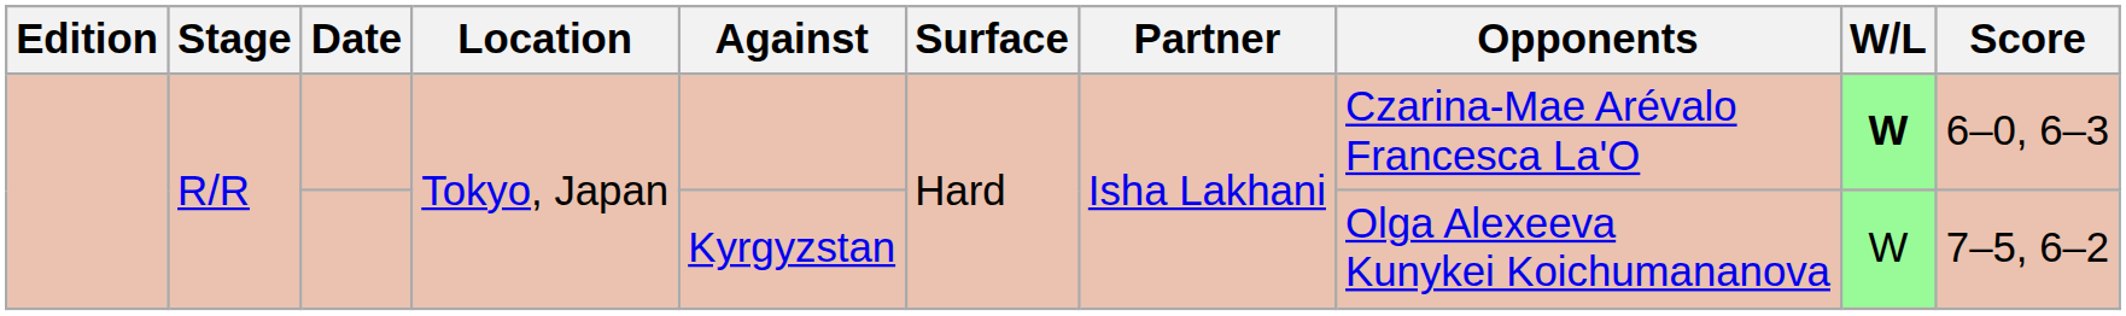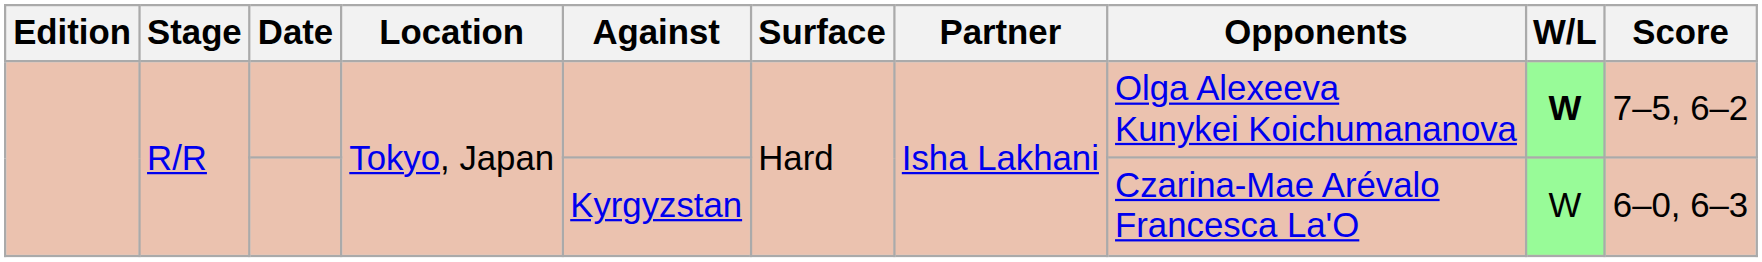 <table class=wikitable style=font-size:97%>
 <tr>
 <th>Edition</th>
 <th>Stage</th>
 <th>Date</th>
 <th>Location</th>
 <th>Against</th>
 <th>Surface</th>
 <th>Partner</th>
 <th>Opponents</th>
 <th>W/L</th>
 <th>Score</th>
 </tr>
 <tr bgcolor="#EBC2AF">
 <td rowspan="2"></td>
 <td rowspan="2"><a href='#'>R/R</a></td>
 <td></td>
 <td rowspan="2"><a href='#'>Tokyo</a>, Japan</td>
 <td> </td>
 <td rowspan="2">Hard</td>
 <td rowspan="2"> <a href='#'>Isha Lakhani</a></td>
-<td> <a href='#'>Czarina-Mae Arévalo</a> <br>  <a href='#'>Francesca La'O</a></td>
+<td> <a href='#'>Olga Alexeeva</a> <br>  <a href='#'>Kunykei Koichumananova</a></td>
 <td style="text-align:center; background:#98fb98;"><strong>W</strong></td>
-<td>6–0, 6–3</td>
+<td>7–5, 6–2</td>
 </tr>
 <tr bgcolor="#EBC2AF">
 <td></td>
 <td> <a href='#'>Kyrgyzstan</a></td>
-<td> <a href='#'>Olga Alexeeva</a> <br>  <a href='#'>Kunykei Koichumananova</a></td>
+<td> <a href='#'>Czarina-Mae Arévalo</a> <br>  <a href='#'>Francesca La'O</a></td>
 <td style="text-align:center; background:#98fb98;">W</td>
-<td>7–5, 6–2</td>
+<td>6–0, 6–3</td>
 </tr>
 </table>
